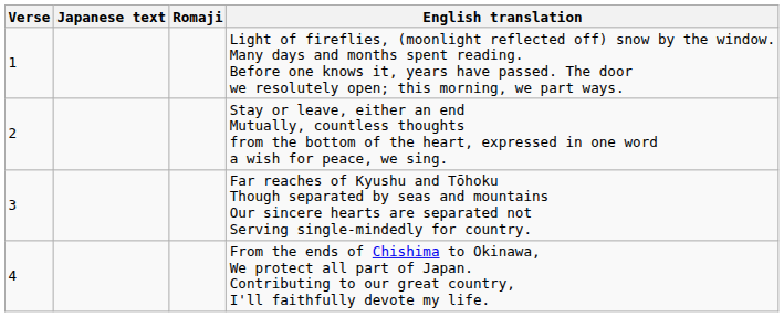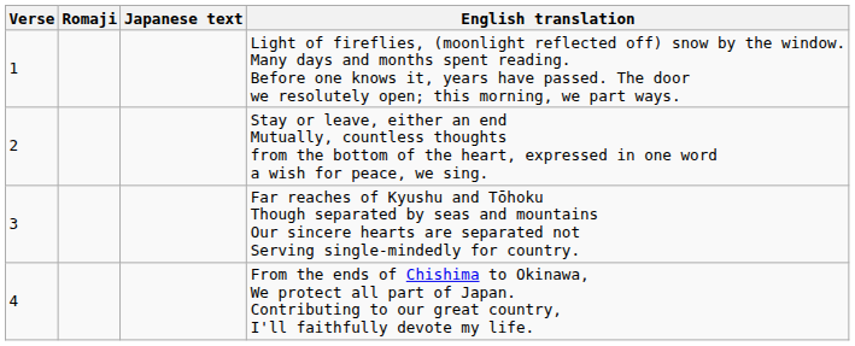 <table class="wikitable">
 <tr>
 <th>Verse</th>
+<th>Romaji</th>
 <th>Japanese text</th>
-<th>Romaji</th>
 <th>English translation</th>
 </tr>
 <tr>
 <td>1</td>
 <td valign=center></td>
 <td valign=center></td>
 <td valign=center>Light of fireflies, (moonlight reflected off) snow by the window.<br>Many days and months spent reading.<br>Before one knows it, years have passed. The door<br>we resolutely open; this morning, we part ways.</td>
 </tr>
 <tr>
 <td>2</td>
 <td valign=center></td>
 <td valign=center></td>
 <td valign=center>Stay or leave, either an end<br>Mutually, countless thoughts<br>from the bottom of the heart, expressed in one word<br>a wish for peace, we sing.</td>
 </tr>
 <tr>
 <td>3</td>
 <td valign=center></td>
 <td valign=center></td>
 <td valign=center>Far reaches of Kyushu and Tōhoku<br>Though separated by seas and mountains<br>Our sincere hearts are separated not<br>Serving single-mindedly for country.</td>
 </tr>
 <tr>
 <td>4</td>
 <td valign=center></td>
 <td valign=center></td>
 <td valign=center>From the ends of <a href='#'>Chishima</a> to Okinawa,<br>We protect all part of Japan.<br>Contributing to our great country,<br>I'll faithfully devote my life.</td>
 </tr>
 </table>
